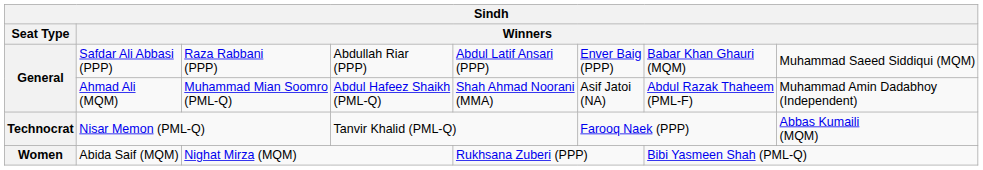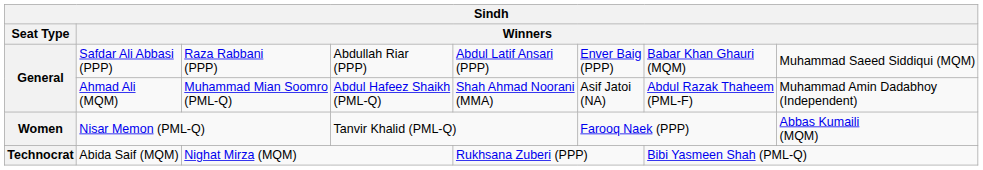 <table class="wikitable">
 <tr>
 <th colspan="8">Sindh</th>
 </tr>
 <tr>
 <th>Seat Type</th>
 <th colspan="7">Winners</th>
 </tr>
 <tr>
 <th rowspan="2">General</th>
 <td style="background:"><a href='#'>Safdar Ali Abbasi</a><br>(PPP)</td>
 <td style="background:"><a href='#'>Raza Rabbani</a><br>(PPP)</td>
 <td style="background:">Abdullah Riar<br>(PPP)</td>
 <td style="background:"><a href='#'>Abdul Latif Ansari</a><br>(PPP)</td>
 <td style="background:"><a href='#'>Enver Baig</a><br>(PPP)</td>
 <td style="background:"><a href='#'>Babar Khan Ghauri</a><br>(MQM)</td>
 <td colspan="1" style="background:">Muhammad Saeed Siddiqui (MQM)</td>
 </tr>
 <tr>
 <td style="background:"><a href='#'>Ahmad Ali</a><br>(MQM)</td>
 <td style="background:"><a href='#'>Muhammad Mian Soomro</a><br>(PML-Q)</td>
 <td style="background:"><a href='#'>Abdul Hafeez Shaikh</a><br>(PML-Q)</td>
 <td style="background:"><a href='#'>Shah Ahmad Noorani</a><br>(MMA)</td>
 <td style="background:">Asif Jatoi<br>(NA)</td>
 <td style="background:"><a href='#'>Abdul Razak Thaheem</a><br>(PML-F)</td>
 <td style="background:">Muhammad Amin Dadabhoy<br>(Independent)</td>
 </tr>
 <tr>
-<th>Technocrat</th>
+<th>Women</th>
 <td colspan="2" style="background:"><a href='#'>Nisar Memon</a> (PML-Q)</td>
 <td colspan="2" style="background:">Tanvir Khalid (PML-Q)</td>
 <td colspan="2" style="background:"><a href='#'>Farooq Naek</a> (PPP)</td>
 <td style="background:"><a href='#'>Abbas Kumaili</a><br>(MQM)</td>
 </tr>
 <tr>
-<th>Women</th>
+<th>Technocrat</th>
 <td colspan="1" style="background:">Abida Saif (MQM)</td>
 <td colspan="2" style="background:"><a href='#'>Nighat Mirza</a> (MQM)</td>
 <td colspan="2" style="background:"><a href='#'>Rukhsana Zuberi</a> (PPP)</td>
 <td colspan="2" style="background:"><a href='#'>Bibi Yasmeen Shah</a> (PML-Q)</td>
 </tr>
 </table>
